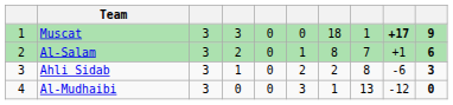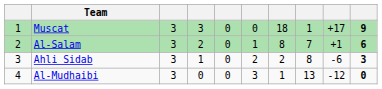 <table class="wikitable" style="text-align: center;">
 <tr>
 <th width=30></th>
 <th width=165>Team</th>
 <th width=30></th>
 <th width=30></th>
 <th width=30></th>
 <th width=30></th>
 <th width=30></th>
 <th width=30></th>
 <th width=30></th>
 <th width=30></th>
 </tr>
 <tr bgcolor=#ACE1AF>
 <td>1</td>
 <td align=left><a href='#'>Muscat</a></td>
 <td>3</td>
 <td>3</td>
 <td>0</td>
 <td>0</td>
 <td>18</td>
 <td>1</td>
-<td><strong>+17</strong></td>
+<td>+17</td>
 <td><strong>9</strong></td>
 </tr>
 <tr bgcolor=#ACE1AF>
 <td>2</td>
 <td align=left><a href='#'>Al-Salam</a></td>
 <td>3</td>
 <td>2</td>
 <td>0</td>
 <td>1</td>
 <td>8</td>
 <td>7</td>
 <td>+1</td>
 <td><strong>6</strong></td>
 </tr>
 <tr>
 <td>3</td>
 <td align=left><a href='#'>Ahli Sidab</a></td>
 <td>3</td>
 <td>1</td>
 <td>0</td>
 <td>2</td>
 <td>2</td>
 <td>8</td>
 <td>-6</td>
 <td><strong>3</strong></td>
 </tr>
 <tr>
 <td>4</td>
 <td align=left><a href='#'>Al-Mudhaibi</a></td>
 <td>3</td>
 <td>0</td>
 <td>0</td>
 <td>3</td>
 <td>1</td>
 <td>13</td>
 <td>-12</td>
 <td><strong>0</strong></td>
 </tr>
 </table>
